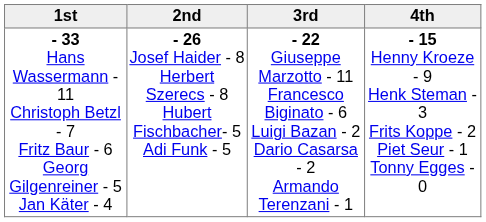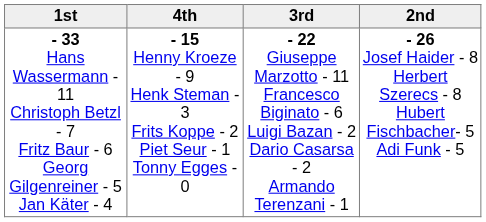 <table border=1 cellpadding=2 cellspacing=0 width=75% style="border-collapse:collapse">
 <tr align=center style="background:#efefef;">
 <th width=20% >1st</th>
+<th width=20%>4th</th>
+<th width=20% >3rd</th>
 <th width=20% >2nd</th>
-<th width=20% >3rd</th>
-<th width=20%>4th</th>
 </tr>
 <tr align=center>
 <td valign=top ><strong> - 33</strong><br><a href='#'>Hans Wassermann</a> - 11<br><a href='#'>Christoph Betzl</a> - 7<br><a href='#'>Fritz Baur</a> - 6<br><a href='#'>Georg Gilgenreiner</a> - 5<br><a href='#'>Jan Käter</a> - 4</td>
+<td valign=top><strong> - 15</strong><br><a href='#'>Henny Kroeze</a> - 9<br><a href='#'>Henk Steman</a> - 3<br><a href='#'>Frits Koppe</a> - 2<br><a href='#'>Piet Seur</a>  - 1<br><a href='#'>Tonny Egges</a> - 0</td>
+<td valign=top ><strong> - 22</strong><br><a href='#'>Giuseppe Marzotto</a> - 11<br><a href='#'>Francesco Biginato</a> - 6<br><a href='#'>Luigi Bazan</a> - 2<br><a href='#'>Dario Casarsa</a> - 2<br><a href='#'>Armando Terenzani</a> - 1</td>
 <td valign=top ><strong> - 26</strong><br><a href='#'>Josef Haider</a> - 8<br><a href='#'>Herbert Szerecs</a> - 8<br><a href='#'>Hubert Fischbacher</a>- 5<br><a href='#'>Adi Funk</a> - 5</td>
-<td valign=top ><strong> - 22</strong><br><a href='#'>Giuseppe Marzotto</a> - 11<br><a href='#'>Francesco Biginato</a> - 6<br><a href='#'>Luigi Bazan</a> - 2<br><a href='#'>Dario Casarsa</a> - 2<br><a href='#'>Armando Terenzani</a> - 1</td>
-<td valign=top><strong> - 15</strong><br><a href='#'>Henny Kroeze</a> - 9<br><a href='#'>Henk Steman</a> - 3<br><a href='#'>Frits Koppe</a> - 2<br><a href='#'>Piet Seur</a>  - 1<br><a href='#'>Tonny Egges</a> - 0</td>
 </tr>
 </table>
